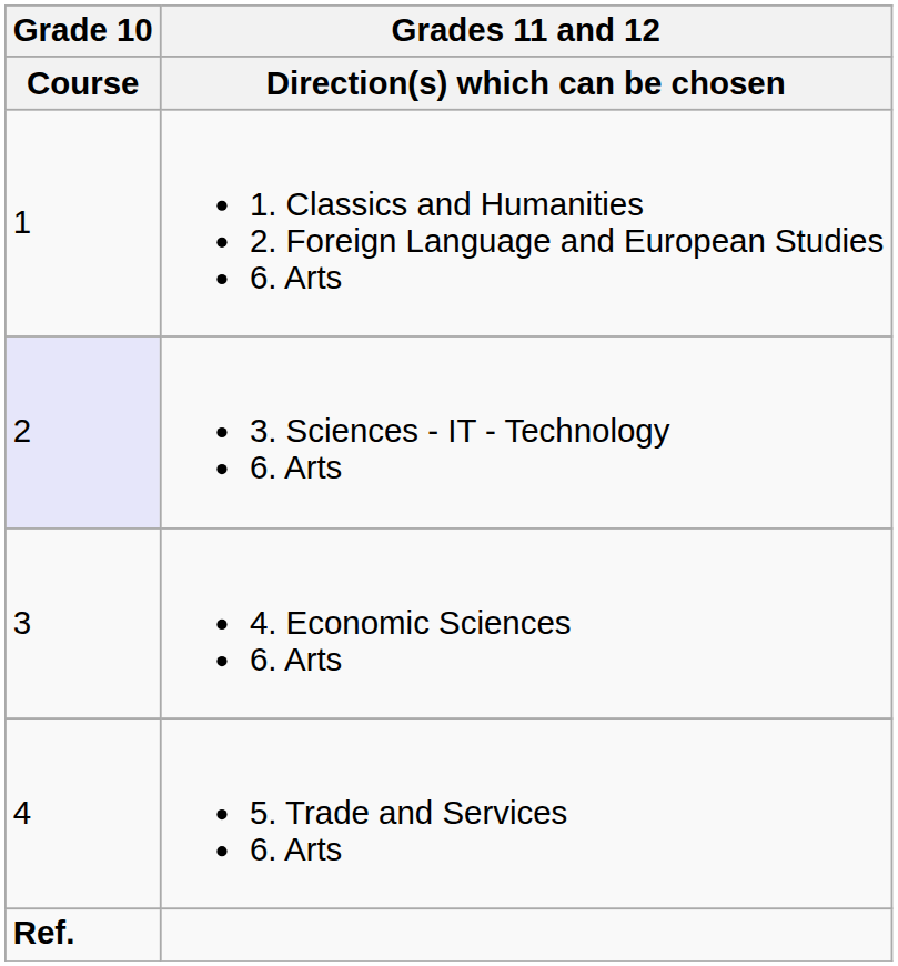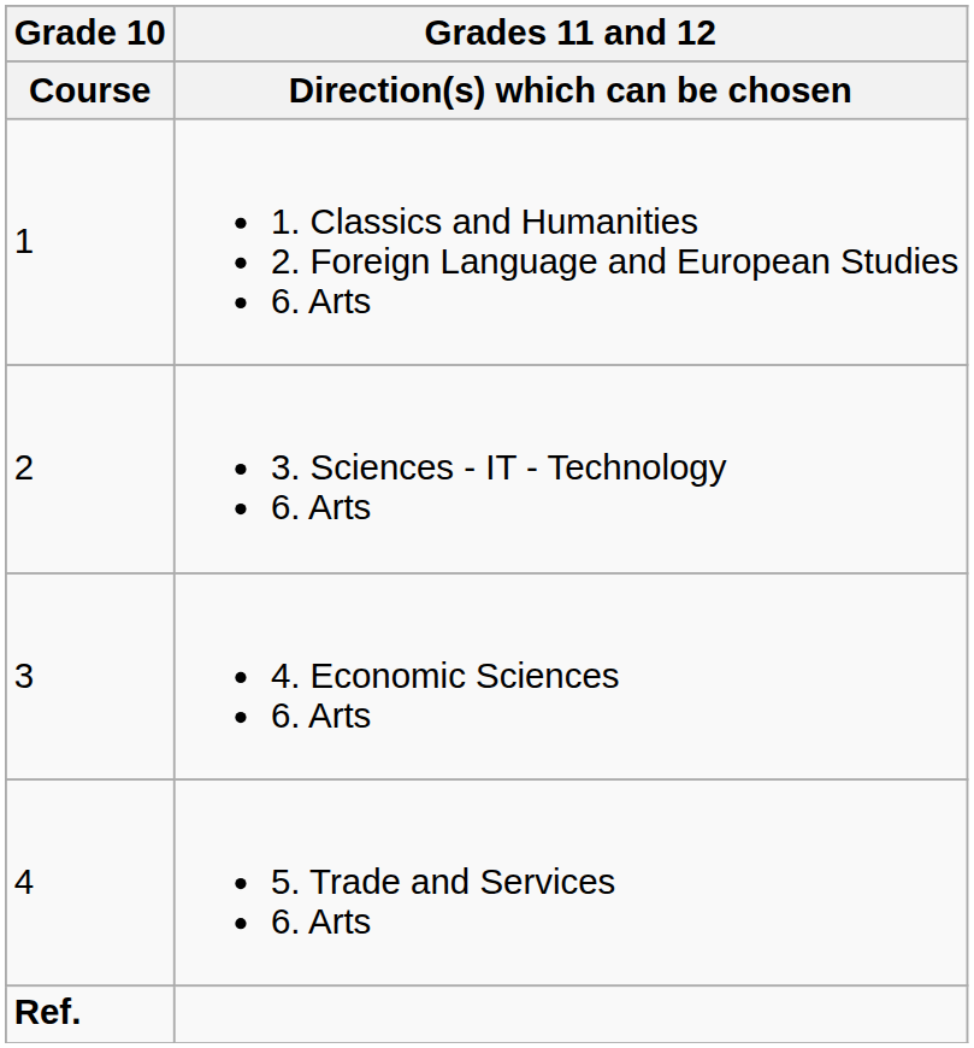 <table class="wikitable">
 <tr>
 <th>Grade 10</th>
 <th>Grades 11 and 12</th>
 </tr>
 <tr>
 <th>Course</th>
 <th>Direction(s) which can be chosen</th>
 </tr>
 <tr>
 <td>1</td>
 <td><br><ul><li>1. Classics and Humanities</li><li>2. Foreign Language and European Studies</li><li>6. Arts</li></ul></td>
 </tr>
 <tr>
-<td style="background: lavender;">2</td>
+<td>2</td>
 <td><br><ul><li>3. Sciences - IT - Technology</li><li>6. Arts</li></ul></td>
 </tr>
 <tr>
 <td>3</td>
 <td><br><ul><li>4. Economic Sciences</li><li>6. Arts</li></ul></td>
 </tr>
 <tr>
 <td>4</td>
 <td><br><ul><li>5. Trade and Services</li><li>6. Arts</li></ul></td>
 </tr>
 <tr>
 <td><strong>Ref.</strong></td>
 <td></td>
 </tr>
 </table>
